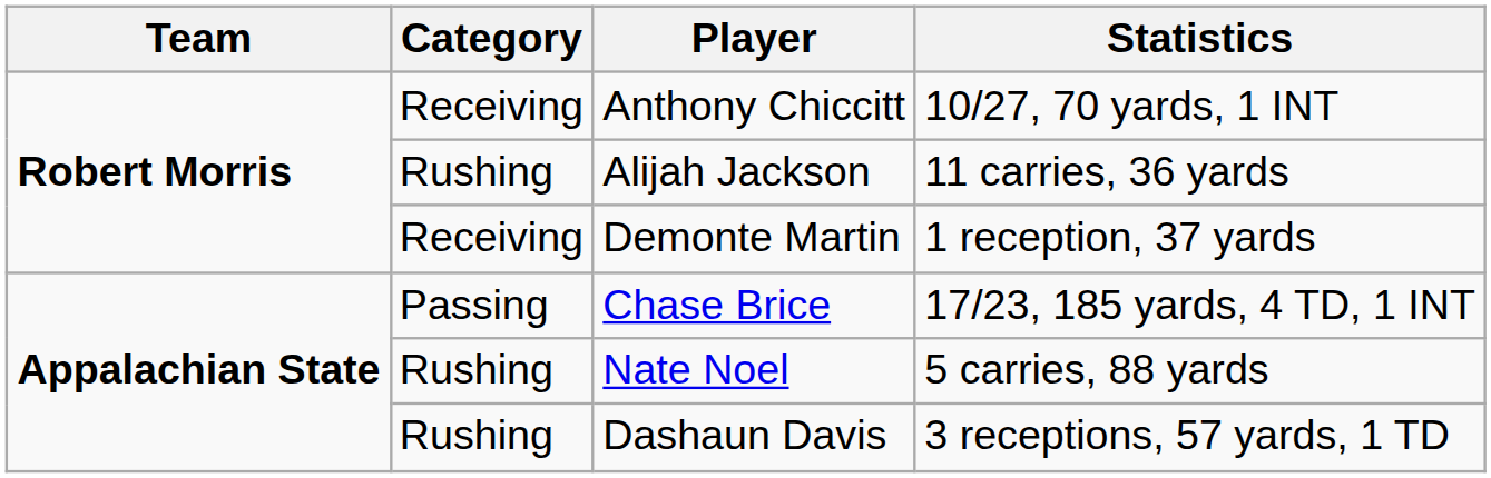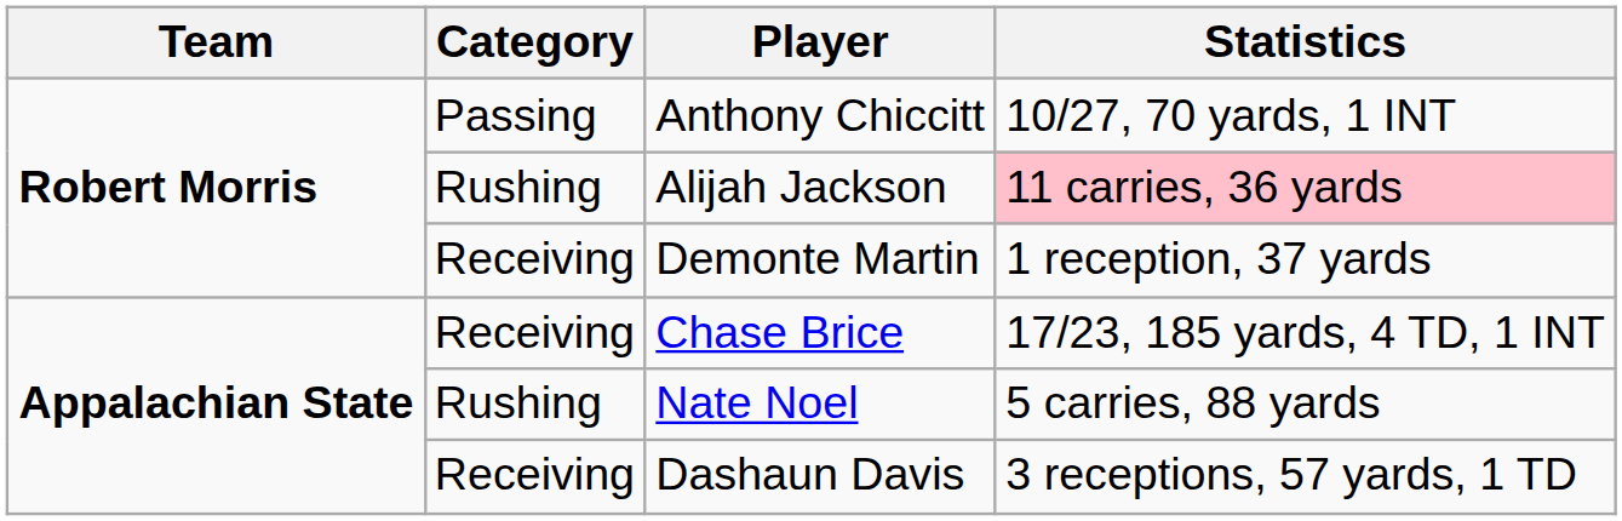 <table class="wikitable" style="float: right;">
 <tr>
 <th>Team</th>
 <th>Category</th>
 <th>Player</th>
 <th>Statistics</th>
 </tr>
 <tr>
 <td rowspan=3><strong>Robert Morris</strong></td>
-<td>Receiving</td>
+<td>Passing</td>
 <td>Anthony Chiccitt</td>
 <td>10/27, 70 yards, 1 INT</td>
 </tr>
 <tr>
 <td>Rushing</td>
 <td>Alijah Jackson</td>
-<td>11 carries, 36 yards</td>
+<td style="background: pink;">11 carries, 36 yards</td>
 </tr>
 <tr>
 <td>Receiving</td>
 <td>Demonte Martin</td>
 <td>1 reception, 37 yards</td>
 </tr>
 <tr>
 <td rowspan=3><strong>Appalachian State</strong></td>
-<td>Passing</td>
+<td>Receiving</td>
 <td><a href='#'>Chase Brice</a></td>
 <td>17/23, 185 yards, 4 TD, 1 INT</td>
 </tr>
 <tr>
 <td>Rushing</td>
 <td><a href='#'>Nate Noel</a></td>
 <td>5 carries, 88 yards</td>
 </tr>
 <tr>
-<td>Rushing</td>
+<td>Receiving</td>
 <td>Dashaun Davis</td>
 <td>3 receptions, 57 yards, 1 TD</td>
 </tr>
 </table>
